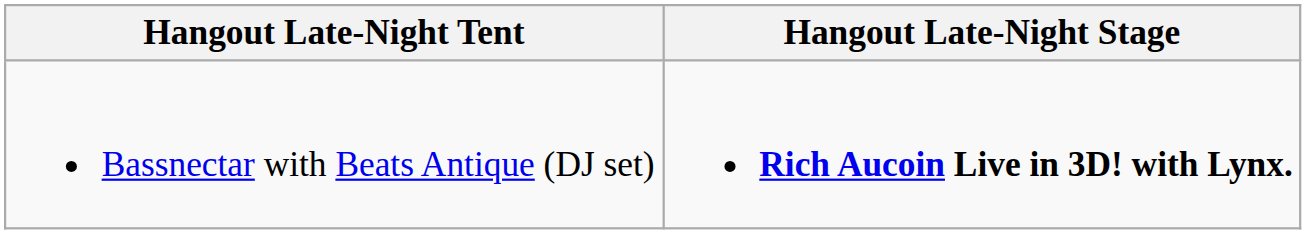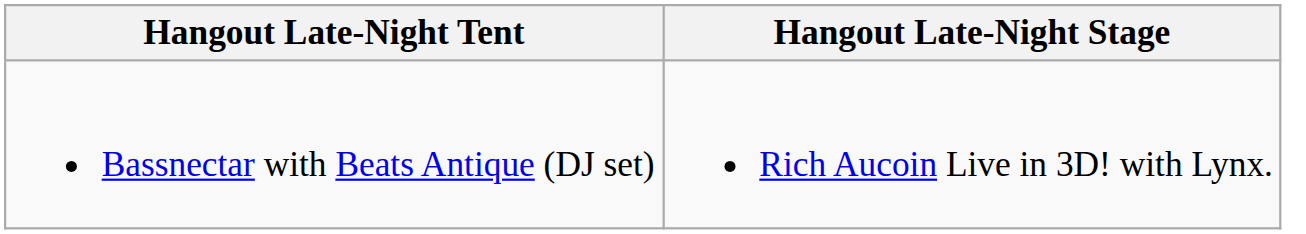 <table class="wikitable">
 <tr>
 <th>Hangout Late-Night Tent</th>
 <th>Hangout Late-Night Stage</th>
 </tr>
 <tr valign="top">
 <td><br><ul><li><a href='#'>Bassnectar</a> with <a href='#'>Beats Antique</a> (DJ set)</li></ul></td>
-<td><strong><br><ul><li><a href='#'>Rich Aucoin</a> Live in 3D! with Lynx.</li></ul></strong></td>
+<td><br><ul><li><a href='#'>Rich Aucoin</a> Live in 3D! with Lynx.</li></ul></td>
 </tr>
 </table>
